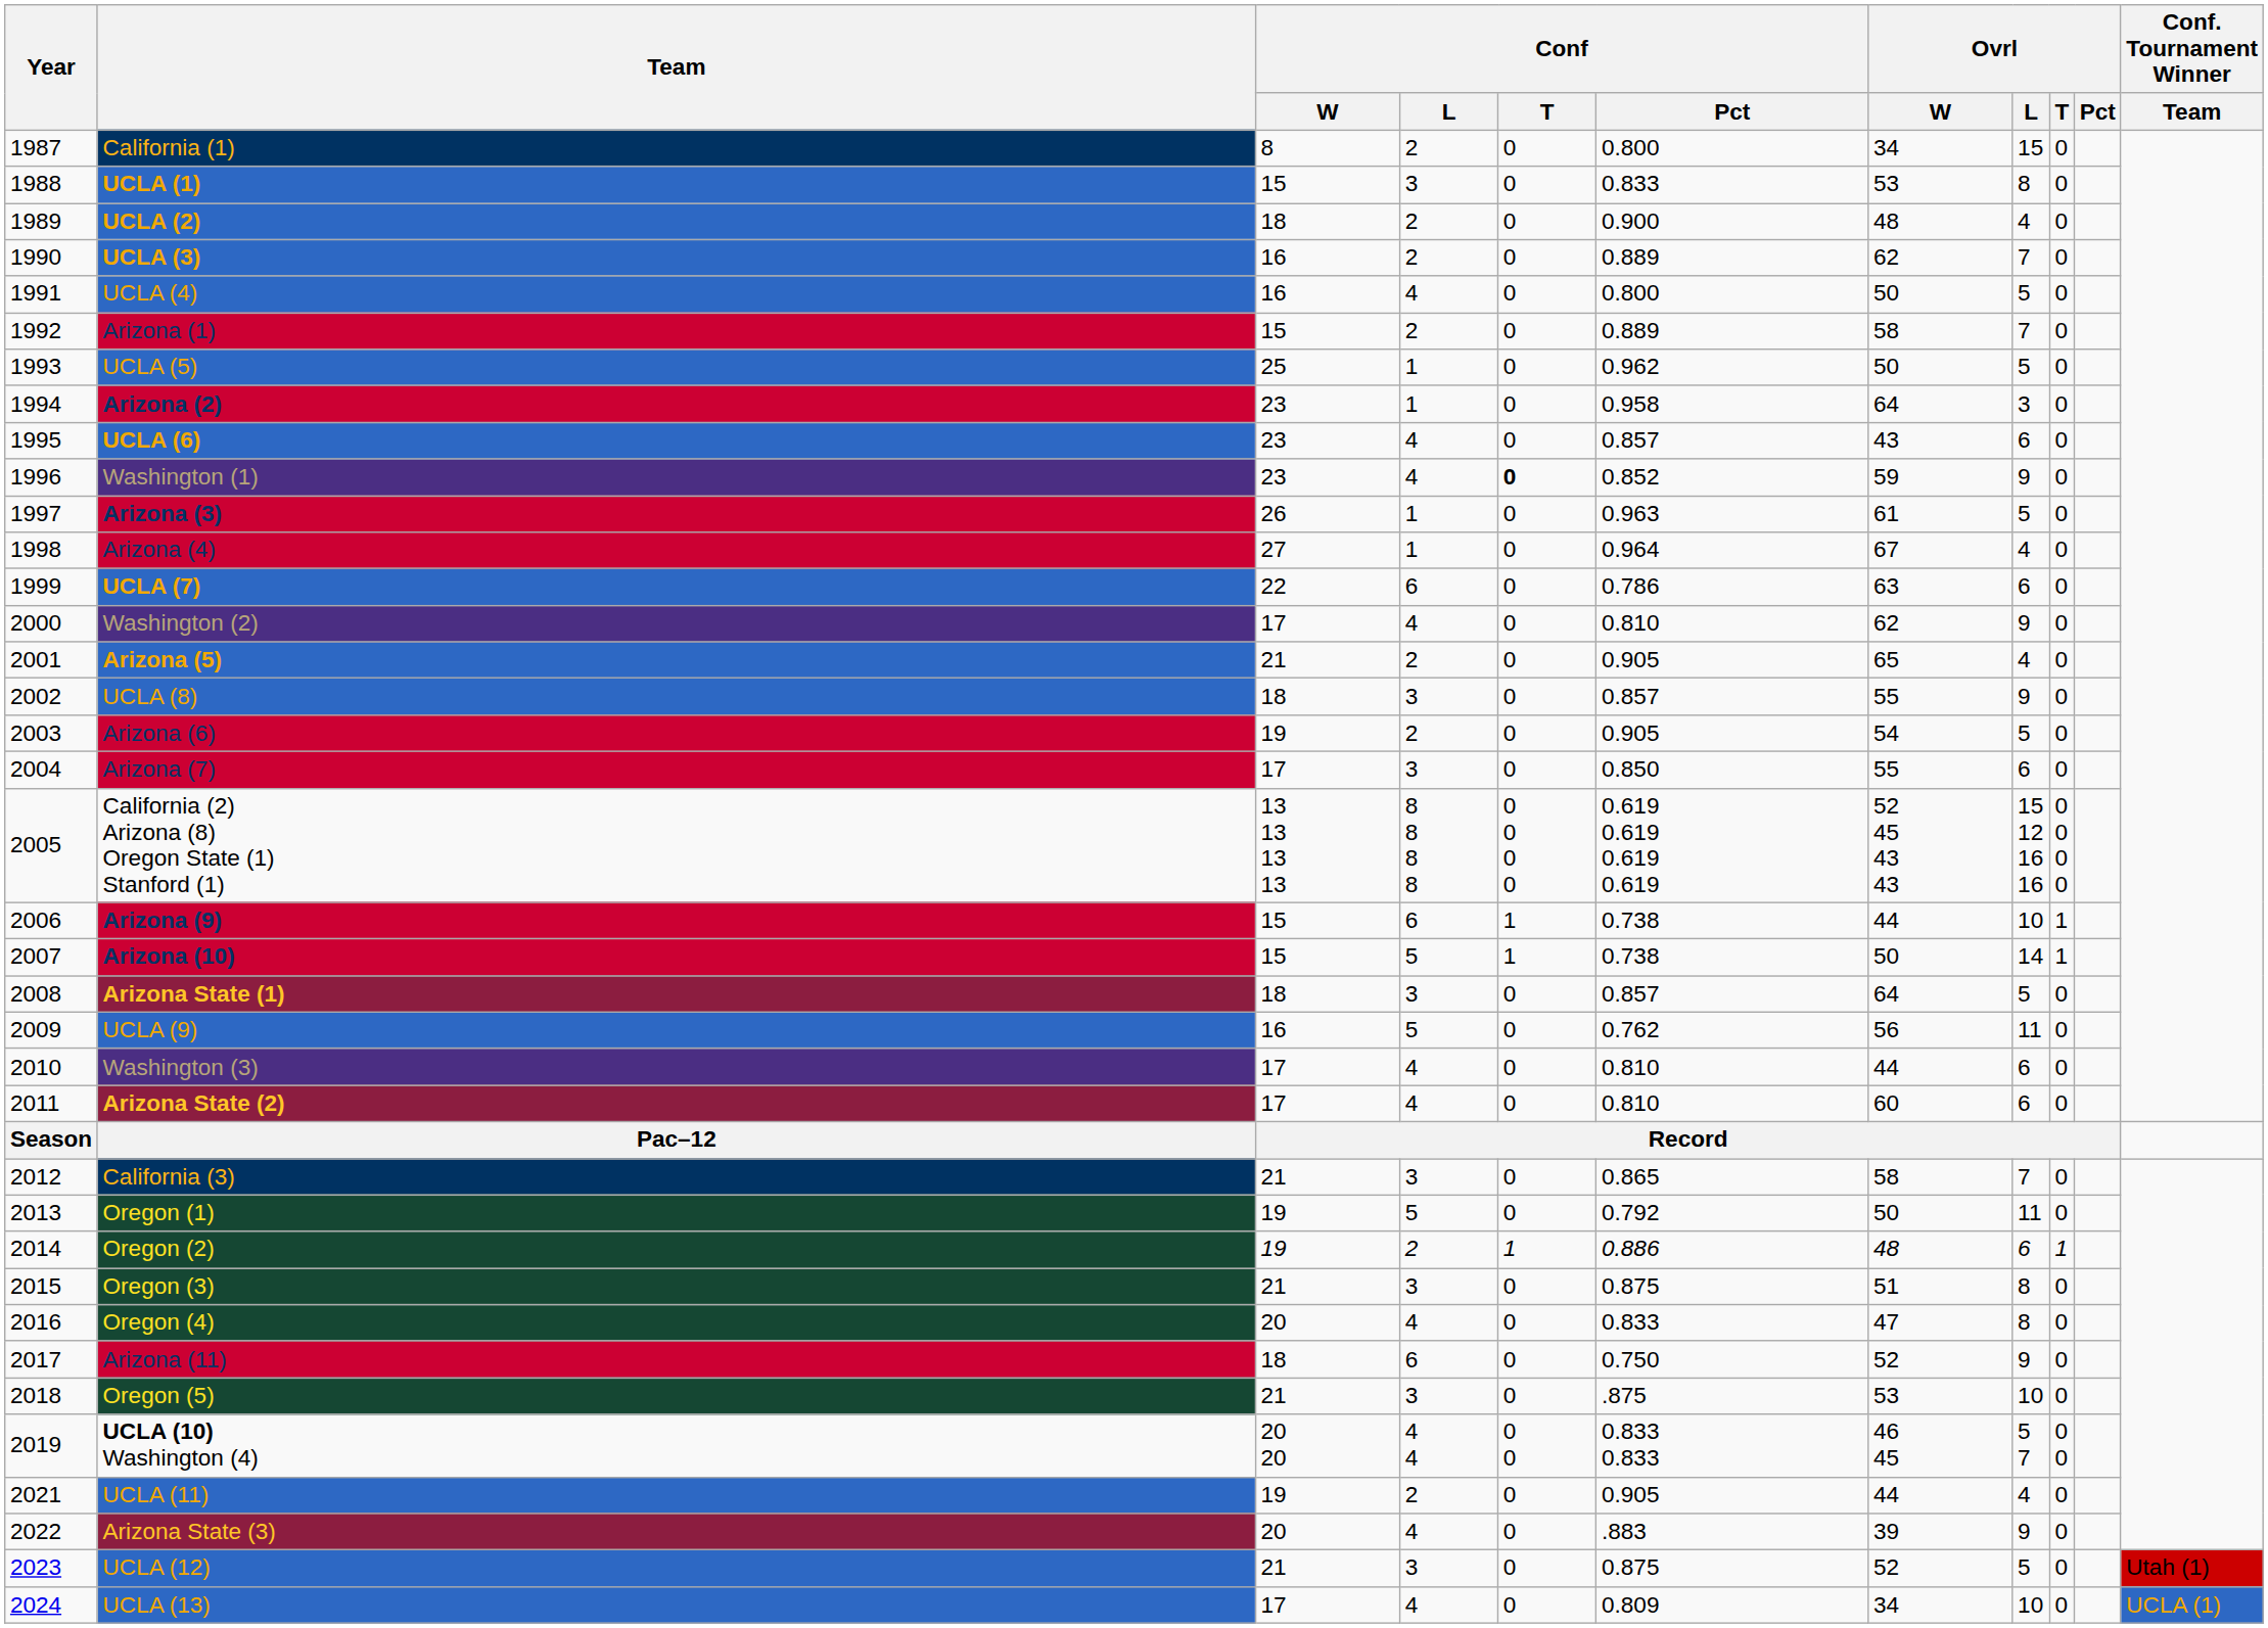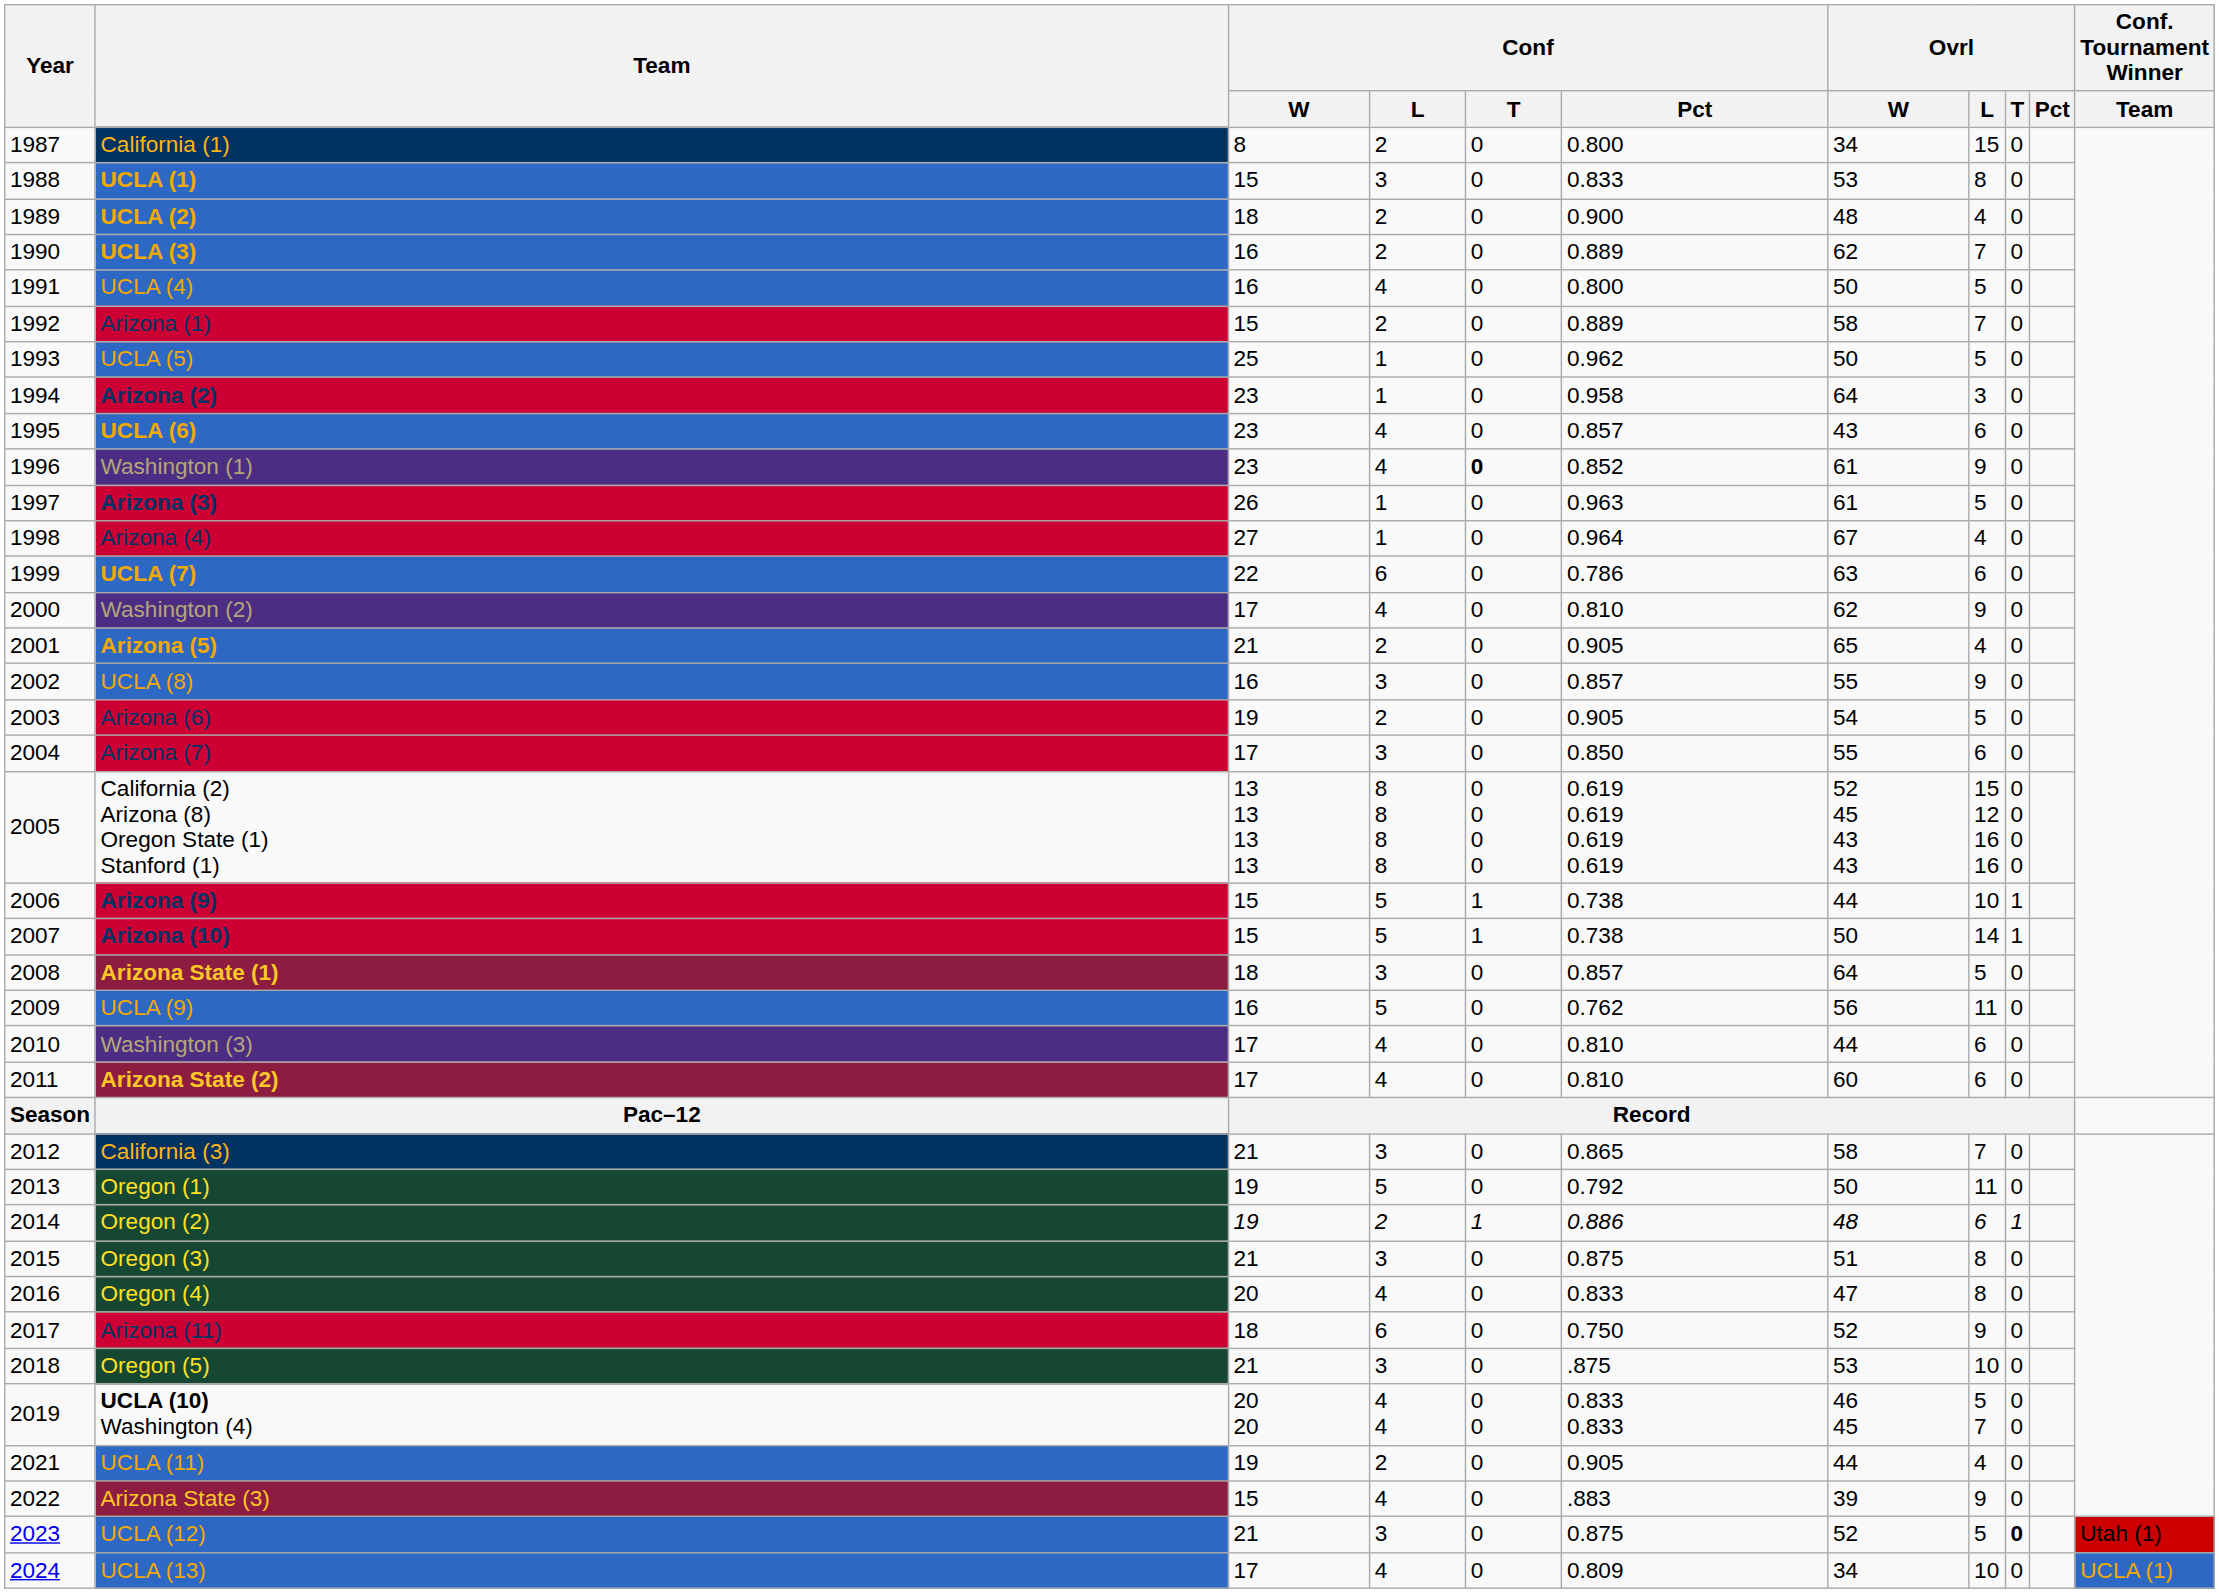 <table class="wikitable">
 <tr>
 <th rowspan=2>Year</th>
 <th rowspan=2>Team</th>
 <th colspan="4">Conf</th>
 <th colspan="4">Ovrl</th>
 <th>Conf. Tournament Winner</th>
 </tr>
 <tr>
 <th>W</th>
 <th>L</th>
 <th>T</th>
 <th>Pct</th>
 <th>W</th>
 <th>L</th>
 <th>T</th>
 <th>Pct</th>
 <th>Team</th>
 </tr>
 <tr>
 <td>1987</td>
 <td style="background:#003262; color:#FDB515;">California (1)</td>
 <td>8</td>
 <td>2</td>
 <td>0</td>
 <td>0.800</td>
 <td>34</td>
 <td>15</td>
 <td>0</td>
 <td></td>
 <td rowspan="25"></td>
 </tr>
 <tr>
 <td>1988</td>
 <td style="background:#2D68C4; color:#F2A900;"><strong>UCLA (1)</strong></td>
 <td>15</td>
 <td>3</td>
 <td>0</td>
 <td>0.833</td>
 <td>53</td>
 <td>8</td>
 <td>0</td>
 <td></td>
 </tr>
 <tr>
 <td>1989</td>
 <td style="background:#2D68C4; color:#F2A900;"><strong>UCLA (2)</strong></td>
 <td>18</td>
 <td>2</td>
 <td>0</td>
 <td>0.900</td>
 <td>48</td>
 <td>4</td>
 <td>0</td>
 <td></td>
 </tr>
 <tr>
 <td>1990</td>
 <td style="background:#2D68C4; color:#F2A900;"><strong>UCLA (3)</strong></td>
 <td>16</td>
 <td>2</td>
 <td>0</td>
 <td>0.889</td>
 <td>62</td>
 <td>7</td>
 <td>0</td>
 <td></td>
 </tr>
 <tr>
 <td>1991</td>
 <td style="background:#2D68C4; color:#F2A900;">UCLA (4)</td>
 <td>16</td>
 <td>4</td>
 <td>0</td>
 <td>0.800</td>
 <td>50</td>
 <td>5</td>
 <td>0</td>
 <td></td>
 </tr>
 <tr>
 <td>1992</td>
 <td style="background:#CC0033; color:#003366;">Arizona (1)</td>
 <td>15</td>
 <td>2</td>
 <td>0</td>
 <td>0.889</td>
 <td>58</td>
 <td>7</td>
 <td>0</td>
 <td></td>
 </tr>
 <tr>
 <td>1993</td>
 <td style="background:#2D68C4; color:#F2A900;">UCLA (5)</td>
 <td>25</td>
 <td>1</td>
 <td>0</td>
 <td>0.962</td>
 <td>50</td>
 <td>5</td>
 <td>0</td>
 <td></td>
 </tr>
 <tr>
 <td>1994</td>
 <td style="background:#CC0033; color:#003366;"><strong>Arizona (2)</strong></td>
 <td>23</td>
 <td>1</td>
 <td>0</td>
 <td>0.958</td>
 <td>64</td>
 <td>3</td>
 <td>0</td>
 <td></td>
 </tr>
 <tr>
 <td>1995</td>
 <td style="background:#2D68C4; color:#F2A900;"><strong>UCLA (6)</strong></td>
 <td>23</td>
 <td>4</td>
 <td>0</td>
 <td>0.857</td>
 <td>43</td>
 <td>6</td>
 <td>0</td>
 <td></td>
 </tr>
 <tr>
 <td>1996</td>
 <td style="background:#4B2E83; color:#B7A57A;">Washington (1)</td>
 <td>23</td>
 <td>4</td>
 <td><strong>0</strong></td>
 <td>0.852</td>
-<td>59</td>
+<td>61</td>
 <td>9</td>
 <td>0</td>
 <td></td>
 </tr>
 <tr>
 <td>1997</td>
 <td style="background:#CC0033; color:#003366;"><strong>Arizona (3)</strong></td>
 <td>26</td>
 <td>1</td>
 <td>0</td>
 <td>0.963</td>
 <td>61</td>
 <td>5</td>
 <td>0</td>
 <td></td>
 </tr>
 <tr>
 <td>1998</td>
 <td style="background:#CC0033; color:#003366;">Arizona (4)</td>
 <td>27</td>
 <td>1</td>
 <td>0</td>
 <td>0.964</td>
 <td>67</td>
 <td>4</td>
 <td>0</td>
 <td></td>
 </tr>
 <tr>
 <td>1999</td>
 <td style="background:#2D68C4; color:#F2A900;"><strong>UCLA (7)</strong></td>
 <td>22</td>
 <td>6</td>
 <td>0</td>
 <td>0.786</td>
 <td>63</td>
 <td>6</td>
 <td>0</td>
 <td></td>
 </tr>
 <tr>
 <td>2000</td>
 <td style="background:#4B2E83; color:#B7A57A;">Washington (2)</td>
 <td>17</td>
 <td>4</td>
 <td>0</td>
 <td>0.810</td>
 <td>62</td>
 <td>9</td>
 <td>0</td>
 <td></td>
 </tr>
 <tr>
 <td>2001</td>
 <td style="background:#2D68C4; color:#F2A900;"><strong>Arizona (5)</strong></td>
 <td>21</td>
 <td>2</td>
 <td>0</td>
 <td>0.905</td>
 <td>65</td>
 <td>4</td>
 <td>0</td>
 <td></td>
 </tr>
 <tr>
 <td>2002</td>
 <td style="background:#2D68C4; color:#F2A900;">UCLA (8)</td>
-<td>18</td>
+<td>16</td>
 <td>3</td>
 <td>0</td>
 <td>0.857</td>
 <td>55</td>
 <td>9</td>
 <td>0</td>
 <td></td>
 </tr>
 <tr>
 <td>2003</td>
 <td style="background:#CC0033; color:#003366;">Arizona (6)</td>
 <td>19</td>
 <td>2</td>
 <td>0</td>
 <td>0.905</td>
 <td>54</td>
 <td>5</td>
 <td>0</td>
 <td></td>
 </tr>
 <tr>
 <td>2004</td>
 <td style="background:#CC0033; color:#003366;">Arizona (7)</td>
 <td>17</td>
 <td>3</td>
 <td>0</td>
 <td>0.850</td>
 <td>55</td>
 <td>6</td>
 <td>0</td>
 <td></td>
 </tr>
 <tr>
 <td>2005</td>
 <td>California (2)<br>Arizona (8)<br>Oregon State (1)<br>Stanford (1)</td>
 <td>13<br>13<br>13<br>13</td>
 <td>8<br>8<br>8<br>8</td>
 <td>0<br>0<br>0<br>0</td>
 <td>0.619<br>0.619<br>0.619<br>0.619</td>
 <td>52<br>45<br>43<br>43</td>
 <td>15<br>12<br>16<br>16</td>
 <td>0<br>0<br>0<br>0</td>
 <td><br><br><br></td>
 </tr>
 <tr>
 <td>2006</td>
 <td style="background:#CC0033; color:#003366;"><strong>Arizona (9)</strong></td>
 <td>15</td>
-<td>6</td>
+<td>5</td>
 <td>1</td>
 <td>0.738</td>
 <td>44</td>
 <td>10</td>
 <td>1</td>
 <td></td>
 </tr>
 <tr>
 <td>2007</td>
 <td style="background:#CC0033; color:#003366;"><strong>Arizona (10)</strong></td>
 <td>15</td>
 <td>5</td>
 <td>1</td>
 <td>0.738</td>
 <td>50</td>
 <td>14</td>
 <td>1</td>
 <td></td>
 </tr>
 <tr>
 <td>2008</td>
 <td style="background:#8C1D40; color:#FFC627;"><strong>Arizona State (1)</strong></td>
 <td>18</td>
 <td>3</td>
 <td>0</td>
 <td>0.857</td>
 <td>64</td>
 <td>5</td>
 <td>0</td>
 <td></td>
 </tr>
 <tr>
 <td>2009</td>
 <td style="background:#2D68C4; color:#F2A900;">UCLA (9)</td>
 <td>16</td>
 <td>5</td>
 <td>0</td>
 <td>0.762</td>
 <td>56</td>
 <td>11</td>
 <td>0</td>
 <td></td>
 </tr>
 <tr>
 <td>2010</td>
 <td style="background:#4B2E83; color:#B7A57A;">Washington (3)</td>
 <td>17</td>
 <td>4</td>
 <td>0</td>
 <td>0.810</td>
 <td>44</td>
 <td>6</td>
 <td>0</td>
 <td></td>
 </tr>
 <tr>
 <td>2011</td>
 <td style="background:#8C1D40; color:#FFC627;"><strong>Arizona State (2)</strong></td>
 <td>17</td>
 <td>4</td>
 <td>0</td>
 <td>0.810</td>
 <td>60</td>
 <td>6</td>
 <td>0</td>
 <td></td>
 </tr>
 <tr>
 <th>Season</th>
 <th colspan="1" align="center"style="width:60%;">Pac–12</th>
 <th colspan="8" align="center"style="width:60%;">Record</th>
 </tr>
 <tr>
 <td>2012</td>
 <td style="background:#003262; color:#FDB515;">California (3)</td>
 <td>21</td>
 <td>3</td>
 <td>0</td>
 <td>0.865</td>
 <td>58</td>
 <td>7</td>
 <td>0</td>
 <td></td>
 <td rowspan="10"></td>
 </tr>
 <tr>
 <td>2013</td>
 <td style="background:#154733; color:#FEE123;">Oregon (1)</td>
 <td>19</td>
 <td>5</td>
 <td>0</td>
 <td>0.792</td>
 <td>50</td>
 <td>11</td>
 <td>0</td>
 <td></td>
 </tr>
 <tr>
 <td>2014</td>
 <td style="background:#154733; color:#FEE123;">Oregon (2)</td>
 <td><em>19</em></td>
 <td><em>2</em></td>
 <td><em>1</em></td>
 <td><em>0.886</em></td>
 <td><em>48</em></td>
 <td><em>6</em></td>
 <td><em>1</em></td>
 <td><em></em></td>
 </tr>
 <tr>
 <td>2015</td>
 <td style="background:#154733; color:#FEE123;">Oregon (3)</td>
 <td>21</td>
 <td>3</td>
 <td>0</td>
 <td>0.875</td>
 <td>51</td>
 <td>8</td>
 <td>0</td>
 <td></td>
 </tr>
 <tr>
 <td>2016</td>
 <td style="background:#154733; color:#FEE123;">Oregon (4)</td>
 <td>20</td>
 <td>4</td>
 <td>0</td>
 <td>0.833</td>
 <td>47</td>
 <td>8</td>
 <td>0</td>
 <td></td>
 </tr>
 <tr>
 <td>2017</td>
 <td style="background:#CC0033; color:#003366;">Arizona (11)</td>
 <td>18</td>
 <td>6</td>
 <td>0</td>
 <td>0.750</td>
 <td>52</td>
 <td>9</td>
 <td>0</td>
 <td></td>
 </tr>
 <tr>
 <td>2018</td>
 <td style="background:#154733; color:#FEE123;">Oregon (5)</td>
 <td>21</td>
 <td>3</td>
 <td>0</td>
 <td>.875</td>
 <td>53</td>
 <td>10</td>
 <td>0</td>
 <td></td>
 </tr>
 <tr>
 <td>2019</td>
 <td><strong>UCLA (10)</strong><br>Washington (4)</td>
 <td>20<br>20</td>
 <td>4<br>4</td>
 <td>0<br>0</td>
 <td>0.833<br>0.833</td>
 <td>46<br>45</td>
 <td>5<br>7</td>
 <td>0<br>0</td>
 <td><br></td>
 </tr>
 <tr>
 <td>2021</td>
 <td style="background:#2D68C4; color:#F2A900;">UCLA (11)</td>
 <td>19</td>
 <td>2</td>
 <td>0</td>
 <td>0.905</td>
 <td>44</td>
 <td>4</td>
 <td>0</td>
 <td></td>
 </tr>
 <tr>
 <td>2022</td>
 <td style="background:#8C1D40; color:#FFC627;">Arizona State (3)</td>
-<td>20</td>
+<td>15</td>
 <td>4</td>
 <td>0</td>
 <td>.883</td>
 <td>39</td>
 <td>9</td>
 <td>0</td>
 <td></td>
 </tr>
 <tr>
 <td><a href='#'>2023</a></td>
 <td style="background:#2D68C4; color:#F2A900;">UCLA (12)</td>
 <td>21</td>
 <td>3</td>
 <td>0</td>
 <td>0.875</td>
 <td>52</td>
 <td>5</td>
-<td>0</td>
+<td><strong>0</strong></td>
 <td></td>
 <td style="background:#CC0000; color:#000000;">Utah (1)</td>
 </tr>
 <tr>
 <td><a href='#'>2024</a></td>
 <td style="background:#2D68C4; color:#F2A900;">UCLA (13)</td>
 <td>17</td>
 <td>4</td>
 <td>0</td>
 <td>0.809</td>
 <td>34</td>
 <td>10</td>
 <td>0</td>
 <td></td>
 <td style="background:#2D68C4; color:#F2A900;">UCLA (1)</td>
 </tr>
 </table>
